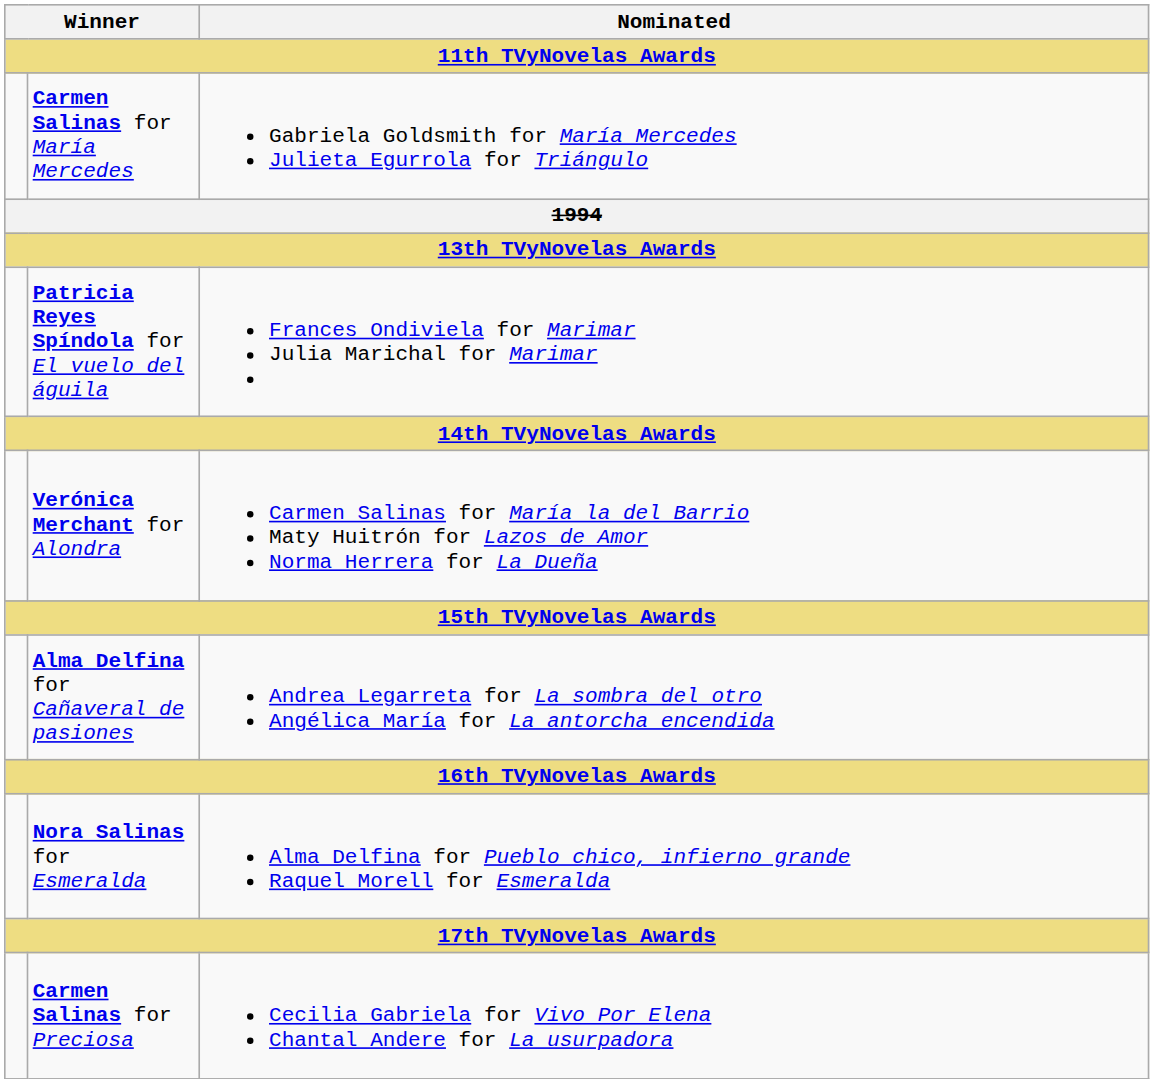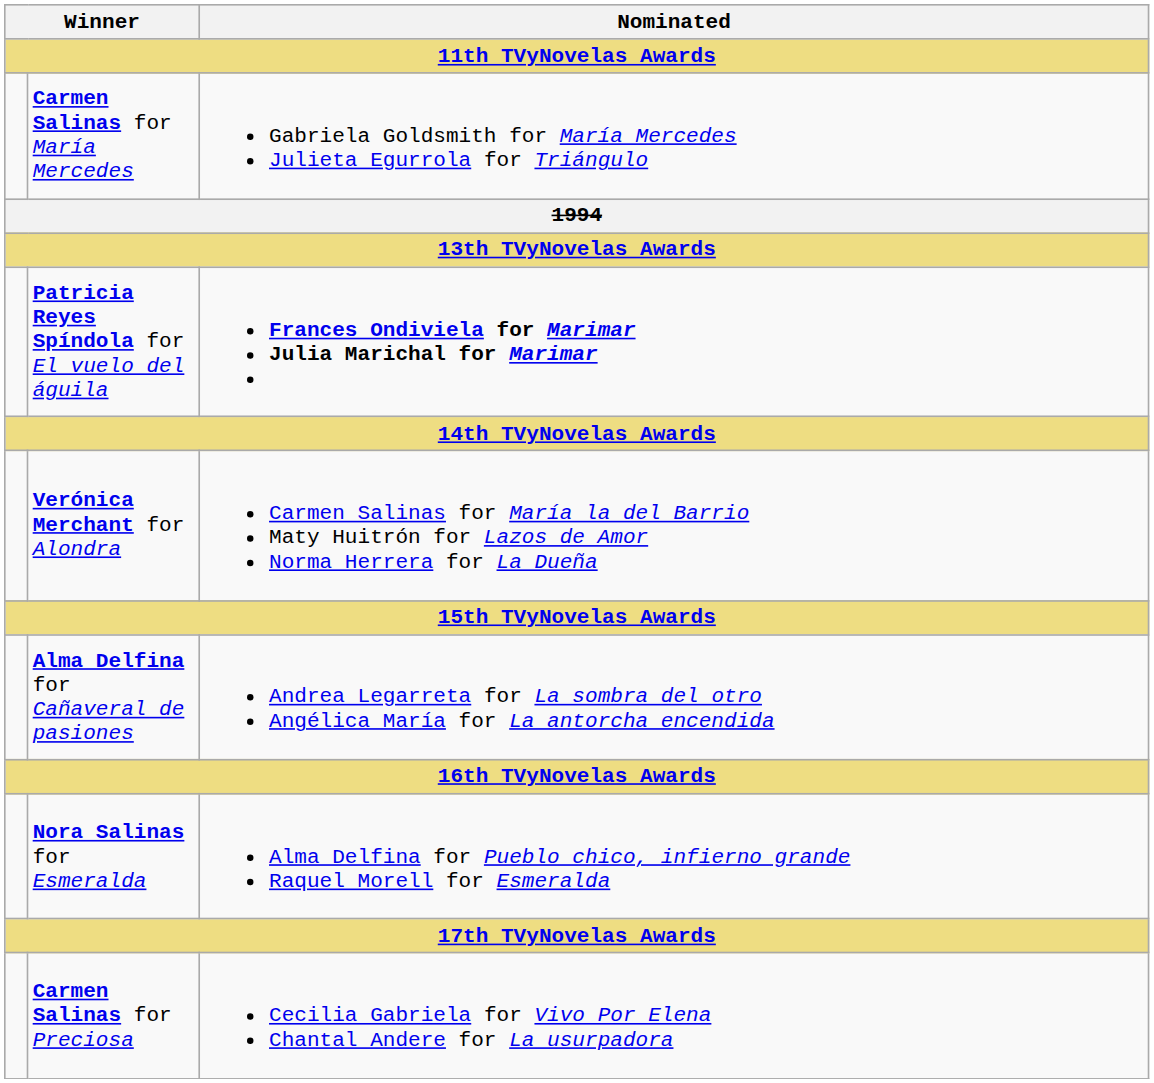 <table class="wikitable" width=80%>
 <tr align=center>
 <th width="150px;" colspan=2; align="center">Winner</th>
 <th width="580px;" align="center">Nominated</th>
 </tr>
 <tr>
 <th colspan=9 style="background:#EEDD82;"  align="center"><strong><a href='#'>11th TVyNovelas Awards</a></strong></th>
 </tr>
 <tr>
 <td width=2%></td>
 <td><strong><a href='#'>Carmen Salinas</a></strong> for <em><a href='#'>María Mercedes</a></em></td>
 <td><br><ul><li>Gabriela Goldsmith for <em><a href='#'>María Mercedes</a></em></li><li><a href='#'>Julieta Egurrola</a> for <em><a href='#'>Triángulo</a></em></li></ul></td>
 </tr>
 <tr>
 <th colspan=9 align="center"><s>1994</s></th>
 </tr>
 <tr>
 <th colspan=9 style="background:#EEDD82;"  align="center"><strong><a href='#'>13th TVyNovelas Awards</a></strong></th>
 </tr>
 <tr>
 <td width=2%></td>
 <td><strong><a href='#'>Patricia Reyes Spíndola</a></strong> for <em><a href='#'>El vuelo del águila</a></em></td>
-<td><br><ul><li><a href='#'>Frances Ondiviela</a> for <em><a href='#'>Marimar</a></em></li><li>Julia Marichal for <em><a href='#'>Marimar</a></em></li><li></li></ul></td>
+<td><strong><br><ul><li><a href='#'>Frances Ondiviela</a> for <em><a href='#'>Marimar</a></em></li><li>Julia Marichal for <em><a href='#'>Marimar</a></em></li><li></li></ul></strong></td>
 </tr>
 <tr>
 <th colspan=9 style="background:#EEDD82;"  align="center"><strong><a href='#'>14th TVyNovelas Awards</a></strong></th>
 </tr>
 <tr>
 <td width=2%></td>
 <td><strong><a href='#'>Verónica Merchant</a></strong> for <em><a href='#'>Alondra</a></em></td>
 <td><br><ul><li><a href='#'>Carmen Salinas</a>  for <em><a href='#'>María la del Barrio</a></em></li><li>Maty Huitrón for <em><a href='#'>Lazos de Amor</a></em></li><li><a href='#'>Norma Herrera</a>  for <em><a href='#'>La Dueña</a></em></li></ul></td>
 </tr>
 <tr>
 <th colspan=9 style="background:#EEDD82;"  align="center"><strong><a href='#'>15th TVyNovelas Awards</a></strong></th>
 </tr>
 <tr>
 <td width=2%></td>
 <td><strong><a href='#'>Alma Delfina</a></strong> for <em><a href='#'>Cañaveral de pasiones</a></em></td>
 <td><br><ul><li><a href='#'>Andrea Legarreta</a>  for <em><a href='#'>La sombra del otro</a></em></li><li><a href='#'>Angélica María</a> for <em><a href='#'>La antorcha encendida</a></em></li></ul></td>
 </tr>
 <tr>
 <th colspan=9 style="background:#EEDD82;"  align="center"><strong><a href='#'>16th TVyNovelas Awards</a></strong></th>
 </tr>
 <tr>
 <td width=2%></td>
 <td><strong><a href='#'>Nora Salinas</a></strong> for <em><a href='#'>Esmeralda</a></em></td>
 <td><br><ul><li><a href='#'>Alma Delfina</a> for <em><a href='#'>Pueblo chico, infierno grande</a></em></li><li><a href='#'>Raquel Morell</a> for <em><a href='#'>Esmeralda</a></em></li></ul></td>
 </tr>
 <tr>
 <th colspan=9 style="background:#EEDD82;"  align="center"><strong><a href='#'>17th TVyNovelas Awards</a></strong></th>
 </tr>
 <tr>
 <td width=2%></td>
 <td><strong><a href='#'>Carmen Salinas</a></strong> for <em><a href='#'>Preciosa</a></em></td>
 <td><br><ul><li><a href='#'>Cecilia Gabriela</a> for <em><a href='#'>Vivo Por Elena</a></em></li><li><a href='#'>Chantal Andere</a> for <em><a href='#'>La usurpadora</a></em></li></ul></td>
 </tr>
 </table>
